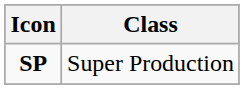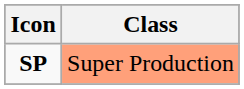 <table class="wikitable" style="font-size: 85%;">
 <tr>
 <th>Icon</th>
 <th>Class</th>
 </tr>
 <tr>
 <td align="center"><strong><span>SP</span></strong></td>
-<td>Super Production</td>
+<td style="background: lightsalmon;">Super Production</td>
 </tr>
 </table>
